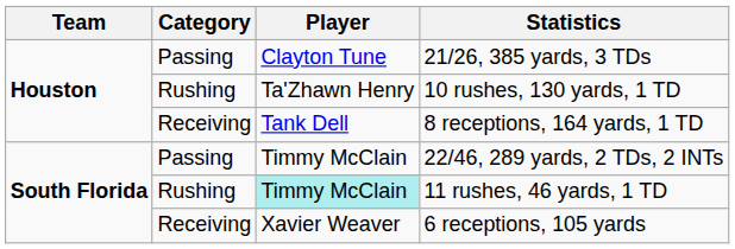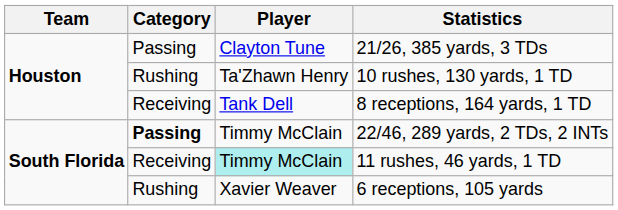 <table class="wikitable" style="float: left;">
 <tr>
 <th>Team</th>
 <th>Category</th>
 <th>Player</th>
 <th>Statistics</th>
 </tr>
 <tr>
 <td rowspan=3><strong>Houston</strong></td>
 <td>Passing</td>
 <td><a href='#'>Clayton Tune</a></td>
 <td>21/26, 385 yards, 3 TDs</td>
 </tr>
 <tr>
 <td>Rushing</td>
 <td>Ta'Zhawn Henry</td>
 <td>10 rushes, 130 yards, 1 TD</td>
 </tr>
 <tr>
 <td>Receiving</td>
 <td><a href='#'>Tank Dell</a></td>
 <td>8 receptions, 164 yards, 1 TD</td>
 </tr>
 <tr>
 <td rowspan=3><strong>South Florida</strong></td>
-<td>Passing</td>
+<td><strong>Passing</strong></td>
 <td>Timmy McClain</td>
 <td>22/46, 289 yards, 2 TDs, 2 INTs</td>
 </tr>
 <tr>
-<td>Rushing</td>
+<td>Receiving</td>
 <td style="background: paleturquoise;">Timmy McClain</td>
 <td>11 rushes, 46 yards, 1 TD</td>
 </tr>
 <tr>
-<td>Receiving</td>
+<td>Rushing</td>
 <td>Xavier Weaver</td>
 <td>6 receptions, 105 yards</td>
 </tr>
 </table>
